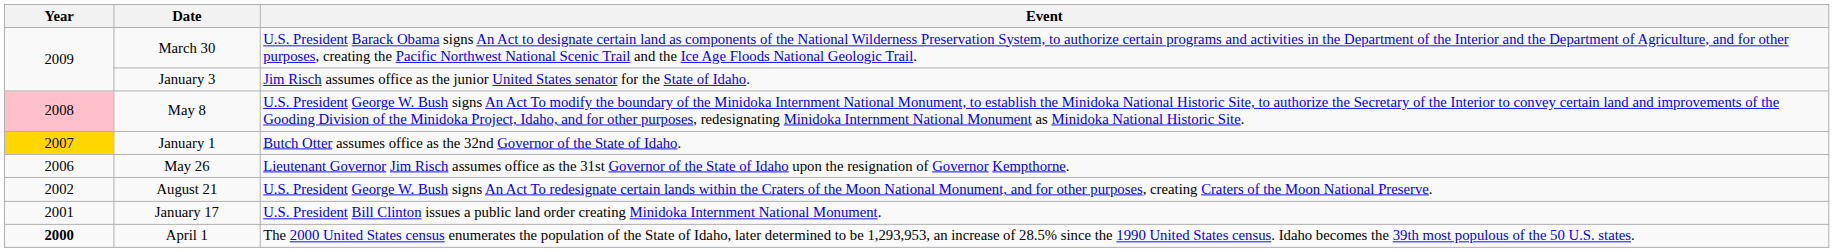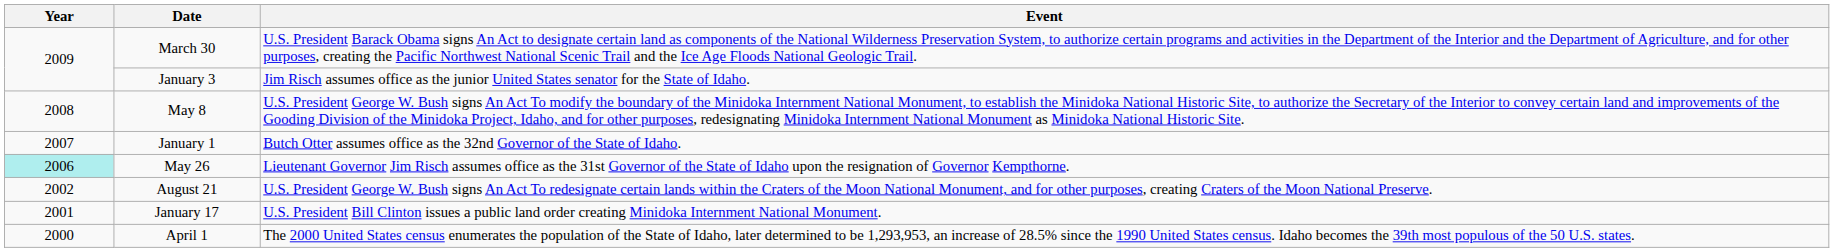 <table class="wikitable" style="width:100%;">
 <tr>
 <th style="width:6%">Year</th>
 <th style="width:8%">Date</th>
 <th style="width:86%">Event</th>
 </tr>
 <tr>
 <td align=center rowspan=2>2009</td>
 <td align=center>March 30</td>
 <td><a href='#'>U.S. President</a> <a href='#'>Barack Obama</a> signs <a href='#'>An Act to designate certain land as components of the National Wilderness Preservation System, to authorize certain programs and activities in the Department of the Interior and the Department of Agriculture, and for other purposes</a>, creating the <a href='#'>Pacific Northwest National Scenic Trail</a> and the <a href='#'>Ice Age Floods National Geologic Trail</a>.</td>
 </tr>
 <tr>
 <td align=center>January 3</td>
 <td><a href='#'>Jim Risch</a> assumes office as the junior <a href='#'>United States senator</a> for the <a href='#'>State of Idaho</a>.</td>
 </tr>
 <tr>
-<td align=center rowspan=1 style="background: pink;">2008</td>
+<td align=center rowspan=1>2008</td>
 <td align=center>May 8</td>
 <td><a href='#'>U.S. President</a> <a href='#'>George W. Bush</a> signs <a href='#'>An Act To modify the boundary of the Minidoka Internment National Monument, to establish the Minidoka National Historic Site, to authorize the Secretary of the Interior to convey certain land and improvements of the Gooding Division of the Minidoka Project, Idaho, and for other purposes</a>, redesignating <a href='#'>Minidoka Internment National Monument</a> as <a href='#'>Minidoka National Historic Site</a>.</td>
 </tr>
 <tr>
-<td align=center rowspan=1 style="background: gold;">2007</td>
+<td align=center rowspan=1>2007</td>
 <td align=center>January 1</td>
 <td><a href='#'>Butch Otter</a> assumes office as the 32nd <a href='#'>Governor of the State of Idaho</a>.</td>
 </tr>
 <tr>
-<td align=center rowspan=1>2006</td>
+<td align=center rowspan=1 style="background: paleturquoise;">2006</td>
 <td align=center>May 26</td>
 <td><a href='#'>Lieutenant Governor</a> <a href='#'>Jim Risch</a> assumes office as the 31st <a href='#'>Governor of the State of Idaho</a> upon the resignation of <a href='#'>Governor</a> <a href='#'>Kempthorne</a>.</td>
 </tr>
 <tr>
 <td align=center rowspan=1>2002</td>
 <td align=center>August 21</td>
 <td><a href='#'>U.S. President</a> <a href='#'>George W. Bush</a> signs <a href='#'>An Act To redesignate certain lands within the Craters of the Moon National Monument, and for other purposes</a>, creating <a href='#'>Craters of the Moon National Preserve</a>.</td>
 </tr>
 <tr>
 <td align=center rowspan=1>2001</td>
 <td align=center>January 17</td>
 <td><a href='#'>U.S. President</a> <a href='#'>Bill Clinton</a> issues a public land order creating <a href='#'>Minidoka Internment National Monument</a>.</td>
 </tr>
 <tr>
-<td align=center rowspan=1><strong>2000</strong></td>
+<td align=center rowspan=1>2000</td>
 <td align=center>April 1</td>
 <td>The <a href='#'>2000 United States census</a> enumerates the population of the State of Idaho, later determined to be 1,293,953, an increase of 28.5% since the <a href='#'>1990 United States census</a>. Idaho becomes the <a href='#'>39th most populous of the 50 U.S. states</a>.</td>
 </tr>
 </table>
